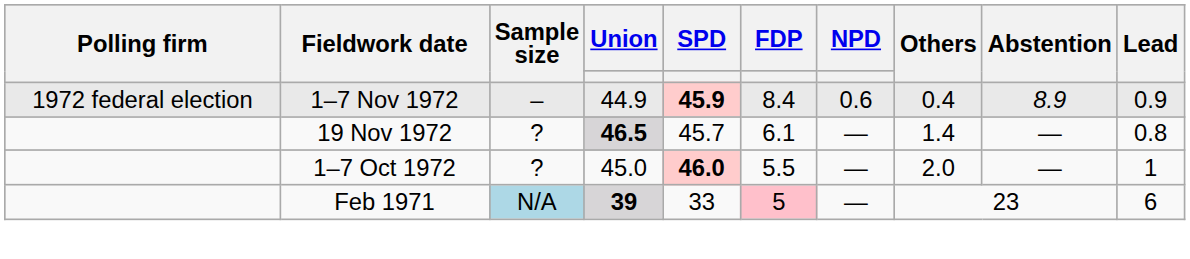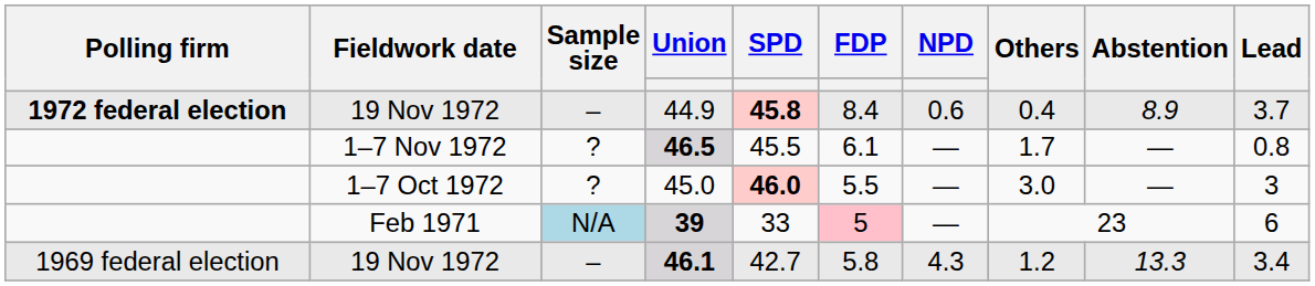 <table class="wikitable sortable collapsible" style="text-align:center;font-size:90%;line-height:14px;">
 <tr style="height:40px;">
 <th style="width:160px;" rowspan="2">Polling firm</th>
 <th style="width:120px;" rowspan="2">Fieldwork date</th>
 <th style="width:35px;" rowspan="2">Sample<br>size</th>
 <th class="unsortable" style="width:40px;"><a href='#'>Union</a></th>
 <th class="unsortable" style="width:40px;"><a href='#'>SPD</a></th>
 <th class="unsortable" style="width:40px;"><a href='#'>FDP</a></th>
 <th class="unsortable" style="width:40px;"><a href='#'>NPD</a></th>
 <th class="unsortable" style="width:40px;" rowspan="2">Others</th>
 <th class="unsortable" style="width:40px;" rowspan="2">Abstention</th>
 <th style="width:30px;" rowspan="2">Lead</th>
 </tr>
 <tr>
 <th style="background:"></th>
 <th style="background:"></th>
 <th style="background:"></th>
 <th style="background:"></th>
 </tr>
 <tr style="background:#E9E9E9;">
-<td>1972 federal election</td>
-<td data-sort-value="1972-11-07">1–7 Nov 1972</td>
+<td><strong>1972 federal election</strong></td>
+<td data-sort-value="1972-11-19">19 Nov 1972</td>
 <td>–</td>
 <td>44.9</td>
-<td style="background:#FFCCCC;"><strong>45.9</strong></td>
+<td style="background:#FFCCCC;"><strong>45.8</strong></td>
 <td>8.4</td>
 <td>0.6</td>
 <td>0.4</td>
 <td><em>8.9</em></td>
-<td style="background:">0.9</td>
+<td style="background:">3.7</td>
 </tr>
 <tr>
 <td></td>
-<td data-sort-value="1972-11-19">19 Nov 1972</td>
+<td data-sort-value="1972-11-07">1–7 Nov 1972</td>
 <td>?</td>
 <td style="background:#D7D5D7;"><strong>46.5</strong></td>
-<td>45.7</td>
+<td>45.5</td>
 <td>6.1</td>
 <td>—</td>
-<td>1.4</td>
+<td>1.7</td>
 <td>—</td>
 <td style="background:">0.8</td>
 </tr>
 <tr>
 <td></td>
 <td data-sort-value="1972-10-07">1–7 Oct 1972</td>
 <td>?</td>
 <td>45.0</td>
 <td style="background:#FFCCCC;"><strong>46.0</strong></td>
 <td>5.5</td>
 <td>—</td>
-<td>2.0</td>
+<td>3.0</td>
 <td>—</td>
-<td style="background:">1</td>
+<td style="background:">3</td>
 </tr>
 <tr>
 <td></td>
 <td data-sort-value="1972-02-14">Feb 1971</td>
 <td style="background: lightblue;">N/A</td>
 <td style="background:#D7D5D7;"><strong>39</strong></td>
 <td>33</td>
 <td style="background: pink;">5</td>
 <td>—</td>
 <td colspan="2">23</td>
 <td style="background:">6</td>
 </tr>
+<tr style="background:#E9E9E9;">
+<td>1969 federal election</td>
+<td data-sort-value="1972-11-19">19 Nov 1972</td>
+<td>–</td>
+<td style="background:#D7D5D7;"><strong>46.1</strong></td>
+<td>42.7</td>
+<td>5.8</td>
+<td>4.3</td>
+<td>1.2</td>
+<td><em>13.3</em></td>
+<td style="background:">3.4</td>
+</tr>
 </table>
